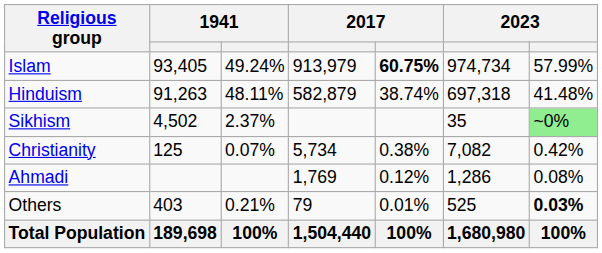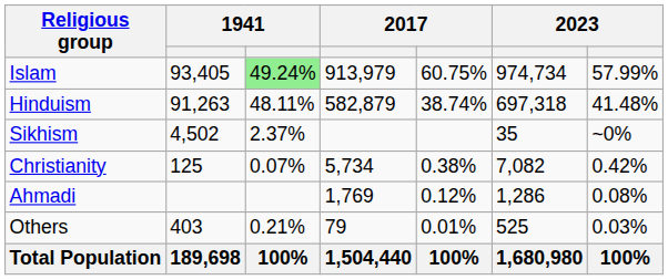 <table class="wikitable sortable">
 <tr>
 <th rowspan="2"><a href='#'>Religious</a><br>group</th>
 <th colspan="2">1941</th>
 <th colspan="2">2017</th>
 <th colspan="2">2023</th>
 </tr>
 <tr>
 <th><a href='#'></a></th>
 <th></th>
 <th></th>
 <th></th>
 <th></th>
 <th></th>
 </tr>
 <tr>
 <td><a href='#'>Islam</a> </td>
 <td>93,405</td>
-<td>49.24%</td>
+<td style="background: lightgreen;">49.24%</td>
 <td>913,979</td>
-<td><strong>60.75%</strong></td>
+<td>60.75%</td>
 <td>974,734</td>
 <td>57.99%</td>
 </tr>
 <tr>
 <td><a href='#'>Hinduism</a> </td>
 <td>91,263</td>
 <td>48.11%</td>
 <td>582,879</td>
 <td>38.74%</td>
 <td>697,318</td>
 <td>41.48%</td>
 </tr>
 <tr>
 <td><a href='#'>Sikhism</a> </td>
 <td>4,502</td>
 <td>2.37%</td>
 <td></td>
 <td></td>
 <td>35</td>
-<td style="background: lightgreen;">~0%</td>
+<td>~0%</td>
 </tr>
 <tr>
 <td><a href='#'>Christianity</a> </td>
 <td>125</td>
 <td>0.07%</td>
 <td>5,734</td>
 <td>0.38%</td>
 <td>7,082</td>
 <td>0.42%</td>
 </tr>
 <tr>
 <td><a href='#'>Ahmadi</a></td>
 <td></td>
 <td></td>
 <td>1,769</td>
 <td>0.12%</td>
 <td>1,286</td>
 <td>0.08%</td>
 </tr>
 <tr>
 <td>Others </td>
 <td>403</td>
 <td>0.21%</td>
 <td>79</td>
 <td>0.01%</td>
 <td>525</td>
-<td><strong>0.03%</strong></td>
+<td>0.03%</td>
 </tr>
 <tr>
 <th>Total Population</th>
 <th>189,698</th>
 <th>100%</th>
 <th>1,504,440</th>
 <th>100%</th>
 <th>1,680,980</th>
 <th>100%</th>
 </tr>
 </table>
